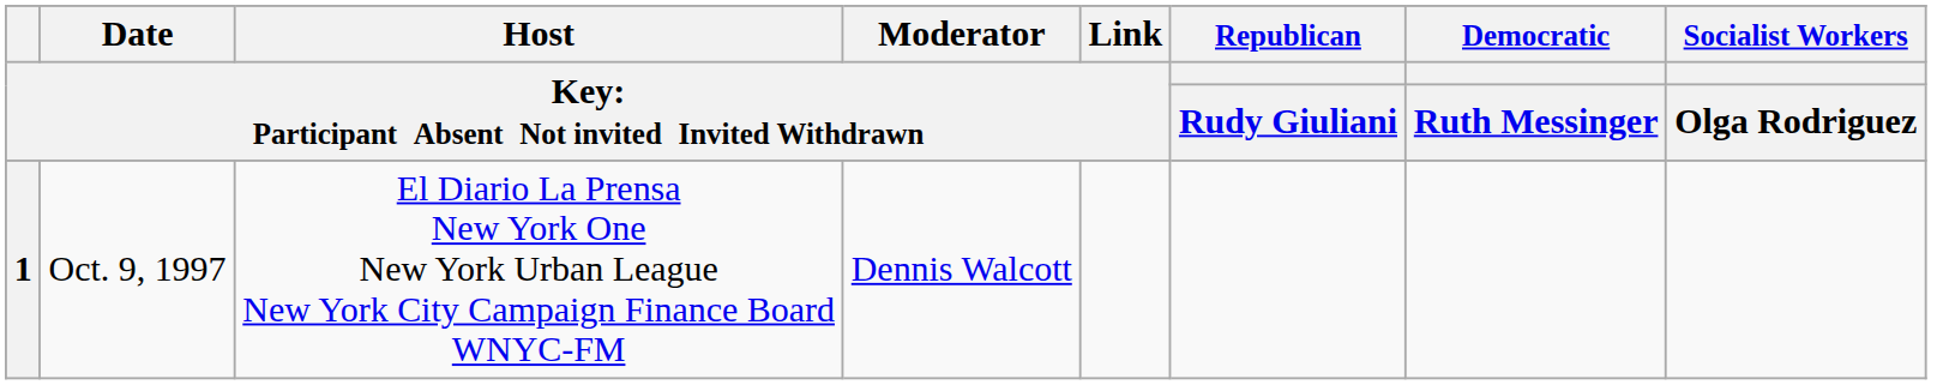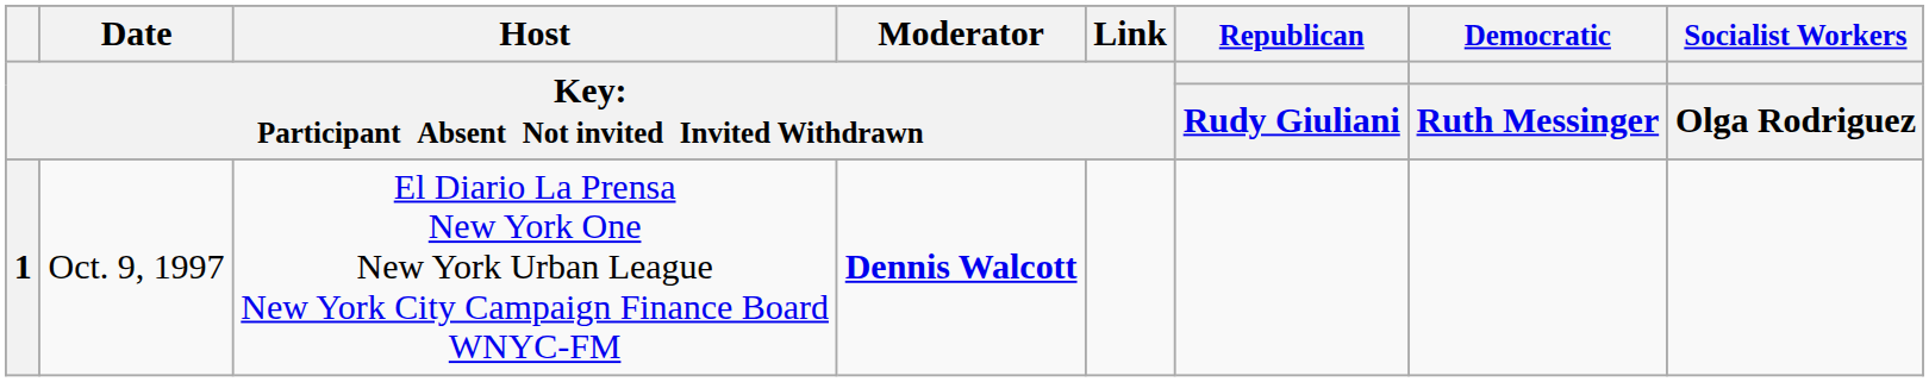 <table class="wikitable" style="text-align:center;">
 <tr>
 <th scope="col"></th>
 <th scope="col">Date</th>
 <th scope="col">Host</th>
 <th scope="col">Moderator</th>
 <th scope="col">Link</th>
 <th scope="col"><small><a href='#'>Republican</a></small></th>
 <th scope="col"><small><a href='#'>Democratic</a></small></th>
 <th scope="col"><small><a href='#'>Socialist Workers</a></small></th>
 </tr>
 <tr>
 <th colspan="5" rowspan="2">Key:<br> <small>Participant </small>  <small>Absent </small>  <small>Not invited </small>  <small>Invited  Withdrawn</small></th>
 <th scope="col" style="background:"></th>
 <th scope="col" style="background:"></th>
 <th scope="col" style="background:"></th>
 </tr>
 <tr>
 <th scope="col"><a href='#'>Rudy Giuliani</a></th>
 <th scope="col"><a href='#'>Ruth Messinger</a></th>
 <th scope="col">Olga Rodriguez</th>
 </tr>
 <tr>
 <th>1</th>
 <td style="white-space:nowrap;">Oct. 9, 1997</td>
 <td style="white-space:nowrap;"><a href='#'>El Diario La Prensa</a><br><a href='#'>New York One</a><br>New York Urban League<br><a href='#'>New York City Campaign Finance Board</a><br><a href='#'>WNYC-FM</a></td>
-<td style="white-space:nowrap;"><a href='#'>Dennis Walcott</a></td>
+<td style="white-space:nowrap;"><strong><a href='#'>Dennis Walcott</a></strong></td>
 <td style="white-space:nowrap;"></td>
 <td></td>
 <td></td>
 <td></td>
 </tr>
 </table>
